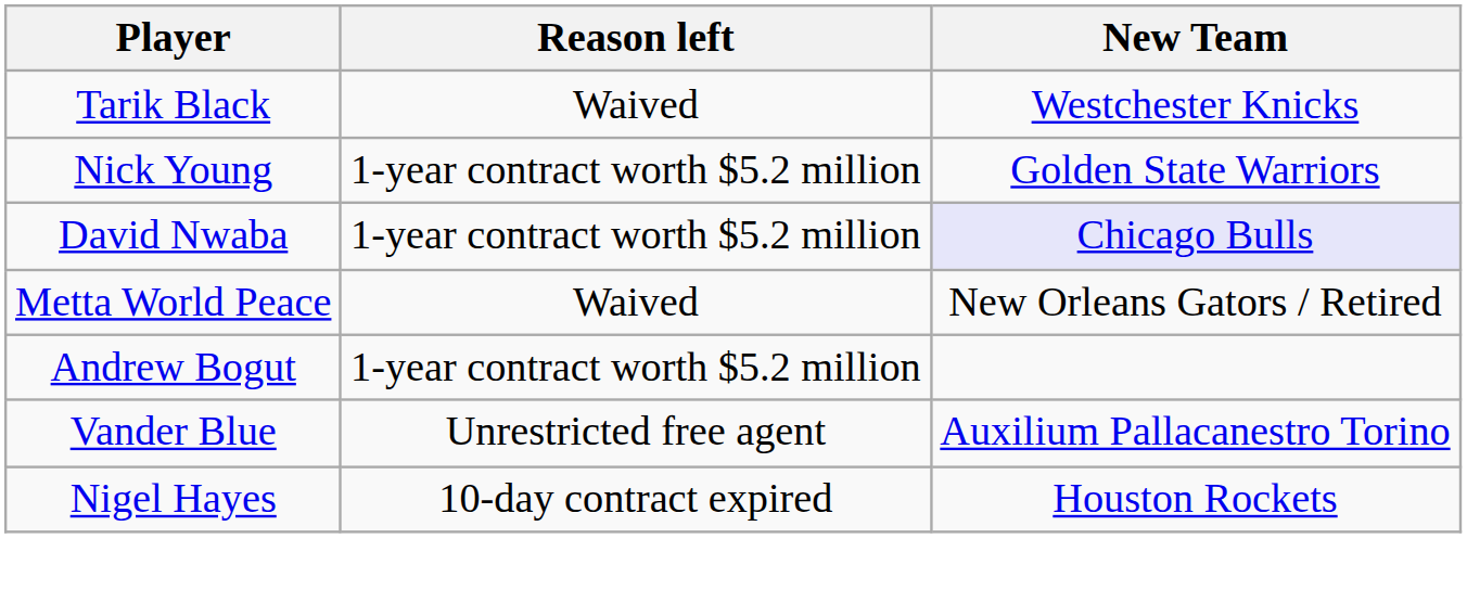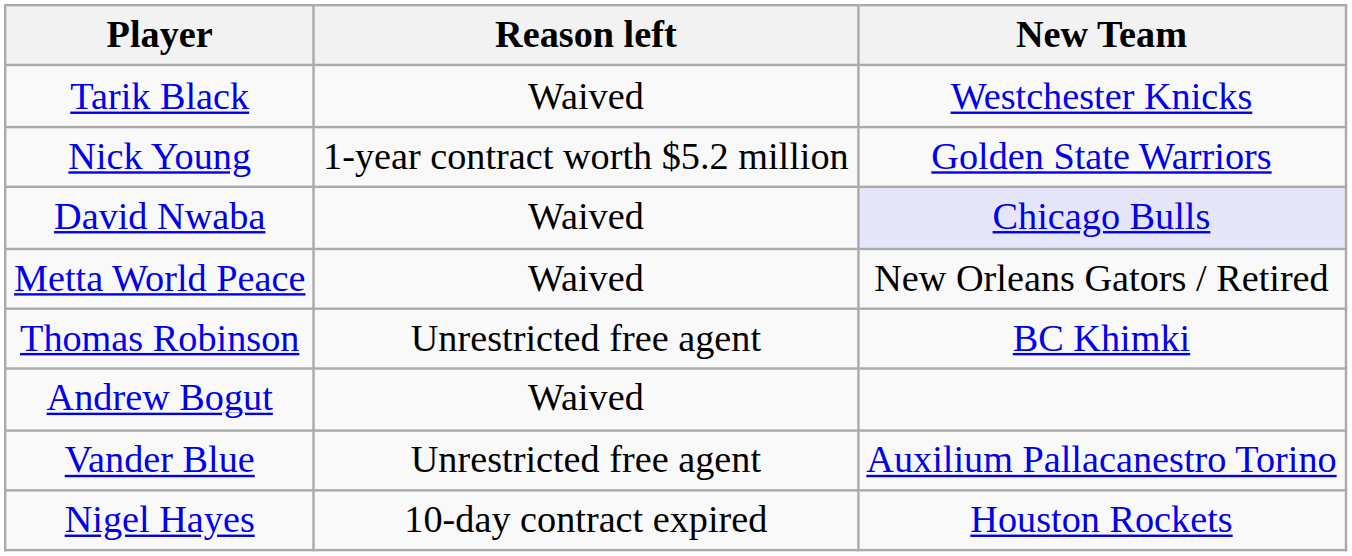 <table class="wikitable sortable sortable">
 <tr>
 <th>Player</th>
 <th>Reason left</th>
 <th>New Team</th>
 </tr>
 <tr style="text-align: center">
 <td><a href='#'>Tarik Black</a></td>
 <td>Waived</td>
 <td><a href='#'>Westchester Knicks</a></td>
 </tr>
 <tr style="text-align: center">
 <td><a href='#'>Nick Young</a></td>
 <td>1-year contract worth $5.2 million</td>
 <td><a href='#'>Golden State Warriors</a></td>
 </tr>
 <tr style="text-align: center">
 <td><a href='#'>David Nwaba</a></td>
-<td>1-year contract worth $5.2 million</td>
+<td>Waived</td>
 <td style="background: lavender;"><a href='#'>Chicago Bulls</a></td>
 </tr>
 <tr style="text-align: center">
 <td><a href='#'>Metta World Peace</a></td>
 <td>Waived</td>
 <td>New Orleans Gators / Retired</td>
 </tr>
 <tr style="text-align: center">
+<td><a href='#'>Thomas Robinson</a></td>
+<td>Unrestricted free agent</td>
+<td> <a href='#'>BC Khimki</a></td>
+</tr>
+<tr style="text-align: center">
 <td><a href='#'>Andrew Bogut</a></td>
-<td>1-year contract worth $5.2 million</td>
+<td>Waived</td>
 <td></td>
 </tr>
 <tr style="text-align: center">
 <td><a href='#'>Vander Blue</a></td>
 <td>Unrestricted free agent</td>
 <td> <a href='#'>Auxilium Pallacanestro Torino</a></td>
 </tr>
 <tr style="text-align: center">
 <td><a href='#'>Nigel Hayes</a></td>
 <td>10-day contract expired</td>
 <td><a href='#'>Houston Rockets</a></td>
 </tr>
 </table>
